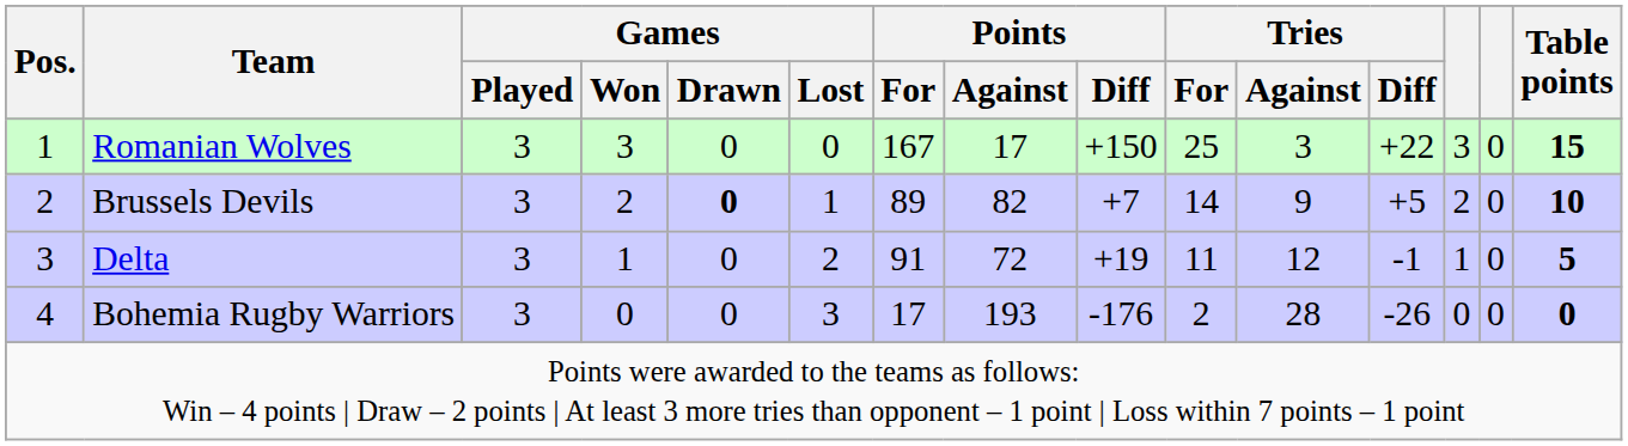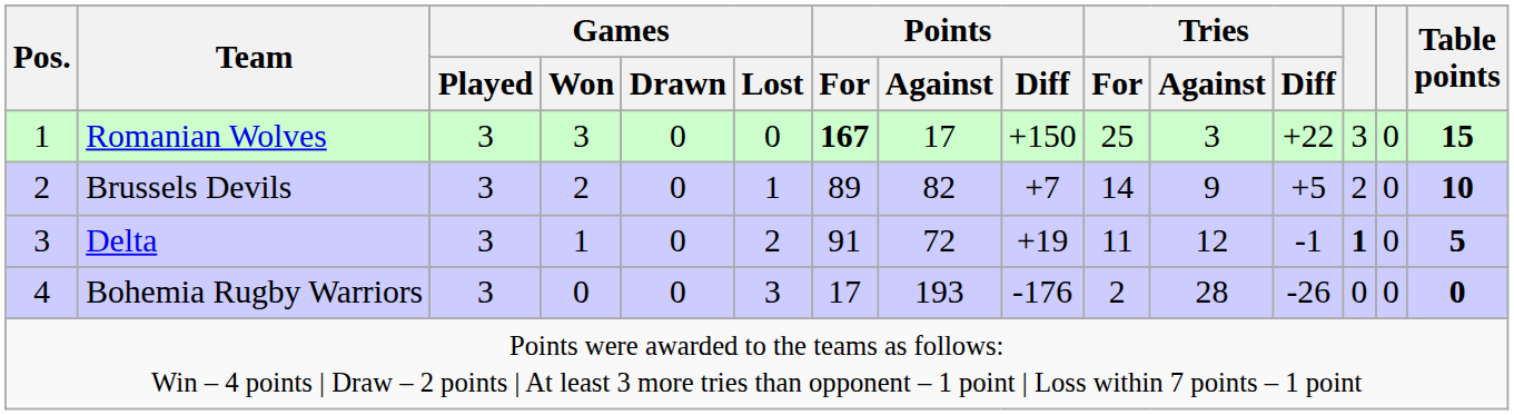 <table class="wikitable" style="text-align:center">
 <tr>
 <th rowspan="2">Pos.</th>
 <th rowspan="2">Team</th>
 <th colspan="4">Games</th>
 <th colspan="3">Points</th>
 <th colspan="3">Tries</th>
 <th rowspan="2"></th>
 <th rowspan="2"></th>
 <th rowspan="2">Table<br>points</th>
 </tr>
 <tr>
 <th>Played</th>
 <th>Won</th>
 <th>Drawn</th>
 <th>Lost</th>
 <th>For</th>
 <th>Against</th>
 <th>Diff</th>
 <th>For</th>
 <th>Against</th>
 <th>Diff</th>
 </tr>
 <tr bgcolor="#ccffcc">
 <td>1</td>
 <td style="text-align:left"> <a href='#'>Romanian Wolves</a></td>
 <td>3</td>
 <td>3</td>
 <td>0</td>
 <td>0</td>
-<td>167</td>
+<td><strong>167</strong></td>
 <td>17</td>
 <td>+150</td>
 <td>25</td>
 <td>3</td>
 <td>+22</td>
 <td>3</td>
 <td>0</td>
 <td><strong>15</strong></td>
 </tr>
 <tr bgcolor="#ccccff">
 <td>2</td>
 <td style="text-align:left"> Brussels Devils</td>
 <td>3</td>
 <td>2</td>
-<td><strong>0</strong></td>
+<td>0</td>
 <td>1</td>
 <td>89</td>
 <td>82</td>
 <td>+7</td>
 <td>14</td>
 <td>9</td>
 <td>+5</td>
 <td>2</td>
 <td>0</td>
 <td><strong>10</strong></td>
 </tr>
 <tr bgcolor="#ccccff">
 <td>3</td>
 <td style="text-align:left"> <a href='#'>Delta</a></td>
 <td>3</td>
 <td>1</td>
 <td>0</td>
 <td>2</td>
 <td>91</td>
 <td>72</td>
 <td>+19</td>
 <td>11</td>
 <td>12</td>
 <td>-1</td>
-<td>1</td>
+<td><strong>1</strong></td>
 <td>0</td>
 <td><strong>5</strong></td>
 </tr>
 <tr bgcolor="#ccccff">
 <td>4</td>
 <td style="text-align:left"> Bohemia Rugby Warriors</td>
 <td>3</td>
 <td>0</td>
 <td>0</td>
 <td>3</td>
 <td>17</td>
 <td>193</td>
 <td>-176</td>
 <td>2</td>
 <td>28</td>
 <td>-26</td>
 <td>0</td>
 <td>0</td>
 <td><strong>0</strong></td>
 </tr>
 <tr>
 <td colspan="100%" style="text-align:center"><small>Points were awarded to the teams as follows:<br>Win – 4 points | Draw – 2 points | At least 3 more tries than opponent – 1 point | Loss within 7 points – 1 point</small></td>
 </tr>
 </table>
